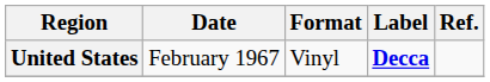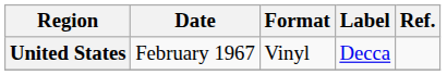 <table class="wikitable plainrowheaders">
 <tr>
 <th scope="col">Region</th>
 <th scope="col">Date</th>
 <th scope="col">Format</th>
 <th scope="col">Label</th>
 <th scope="col">Ref.</th>
 </tr>
 <tr>
 <th scope="row">United States</th>
 <td>February 1967</td>
 <td>Vinyl</td>
-<td><strong><a href='#'>Decca</a></strong></td>
+<td><a href='#'>Decca</a></td>
 <td></td>
 </tr>
 <tr>
 </tr>
 </table>
